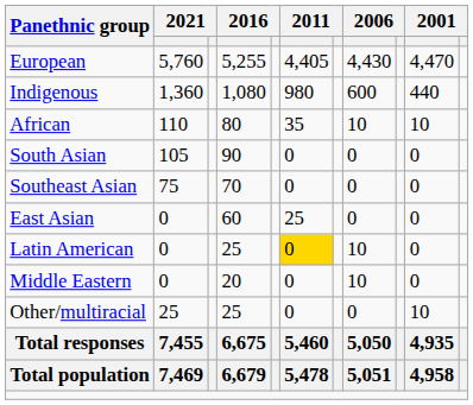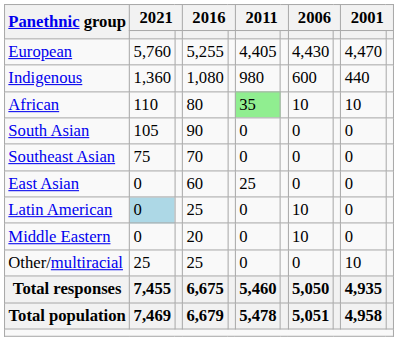 <table class="wikitable collapsible sortable">
 <tr>
 <th rowspan="2"><a href='#'>Panethnic</a> group</th>
 <th colspan="2">2021</th>
 <th colspan="2">2016</th>
 <th colspan="2">2011</th>
 <th colspan="2">2006</th>
 <th colspan="2">2001</th>
 </tr>
 <tr>
 <th><a href='#'></a></th>
 <th></th>
 <th></th>
 <th></th>
 <th></th>
 <th></th>
 <th></th>
 <th></th>
 <th></th>
 <th></th>
 </tr>
 <tr>
 <td><a href='#'>European</a></td>
 <td>5,760</td>
 <td></td>
 <td>5,255</td>
 <td></td>
 <td>4,405</td>
 <td></td>
 <td>4,430</td>
 <td></td>
 <td>4,470</td>
 <td></td>
 </tr>
 <tr>
 <td><a href='#'>Indigenous</a></td>
 <td>1,360</td>
 <td></td>
 <td>1,080</td>
 <td></td>
 <td>980</td>
 <td></td>
 <td>600</td>
 <td></td>
 <td>440</td>
 <td></td>
 </tr>
 <tr>
 <td><a href='#'>African</a></td>
 <td>110</td>
 <td></td>
 <td>80</td>
 <td></td>
-<td>35</td>
+<td style="background: lightgreen;">35</td>
 <td></td>
 <td>10</td>
 <td></td>
 <td>10</td>
 <td></td>
 </tr>
 <tr>
 <td><a href='#'>South Asian</a></td>
 <td>105</td>
 <td></td>
 <td>90</td>
 <td></td>
 <td>0</td>
 <td></td>
 <td>0</td>
 <td></td>
 <td>0</td>
 <td></td>
 </tr>
 <tr>
 <td><a href='#'>Southeast Asian</a></td>
 <td>75</td>
 <td></td>
 <td>70</td>
 <td></td>
 <td>0</td>
 <td></td>
 <td>0</td>
 <td></td>
 <td>0</td>
 <td></td>
 </tr>
 <tr>
 <td><a href='#'>East Asian</a></td>
 <td>0</td>
 <td></td>
 <td>60</td>
 <td></td>
 <td>25</td>
 <td></td>
 <td>0</td>
 <td></td>
 <td>0</td>
 <td></td>
 </tr>
 <tr>
 <td><a href='#'>Latin American</a></td>
-<td>0</td>
+<td style="background: lightblue;">0</td>
 <td></td>
 <td>25</td>
 <td></td>
-<td style="background: gold;">0</td>
+<td>0</td>
 <td></td>
 <td>10</td>
 <td></td>
 <td>0</td>
 <td></td>
 </tr>
 <tr>
 <td><a href='#'>Middle Eastern</a></td>
 <td>0</td>
 <td></td>
 <td>20</td>
 <td></td>
 <td>0</td>
 <td></td>
 <td>10</td>
 <td></td>
 <td>0</td>
 <td></td>
 </tr>
 <tr>
 <td>Other/<a href='#'>multiracial</a></td>
 <td>25</td>
 <td></td>
 <td>25</td>
 <td></td>
 <td>0</td>
 <td></td>
 <td>0</td>
 <td></td>
 <td>10</td>
 <td></td>
 </tr>
 <tr>
 <th>Total responses</th>
 <th>7,455</th>
 <th></th>
 <th>6,675</th>
 <th></th>
 <th>5,460</th>
 <th></th>
 <th>5,050</th>
 <th></th>
 <th>4,935</th>
 <th></th>
 </tr>
 <tr class="sortbottom">
 <th>Total population</th>
 <th>7,469</th>
 <th></th>
 <th>6,679</th>
 <th></th>
 <th>5,478</th>
 <th></th>
 <th>5,051</th>
 <th></th>
 <th>4,958</th>
 <th></th>
 </tr>
 <tr class="sortbottom">
 <td colspan="11"></td>
 </tr>
 </table>
